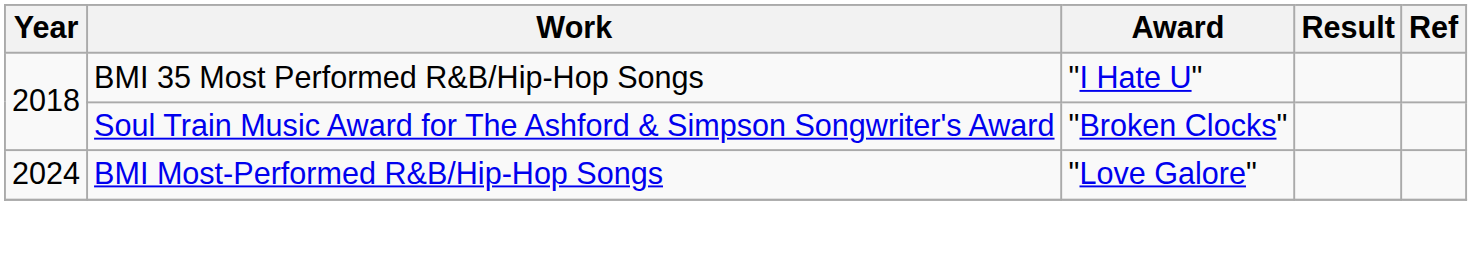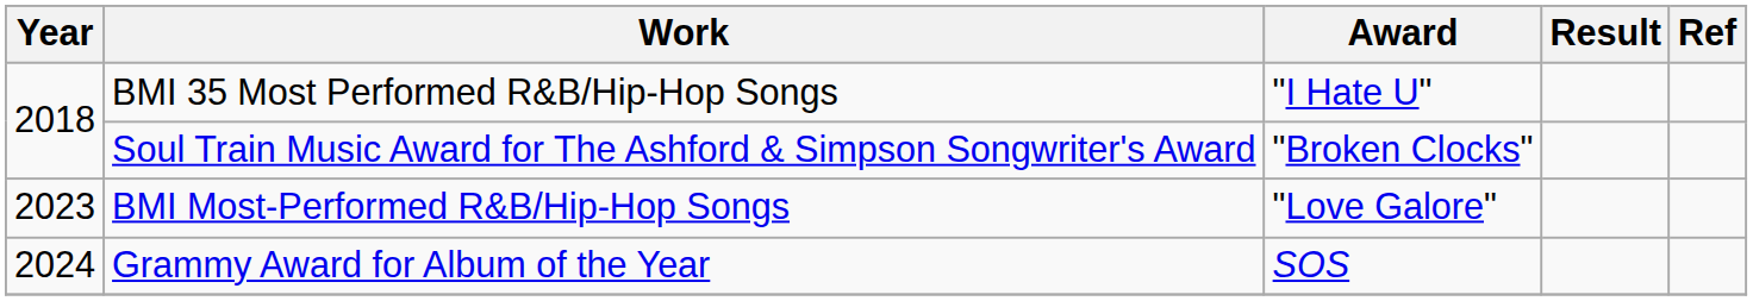 <table class="wikitable">
 <tr style="background:#ccc; text-align:center;">
 <th scope="col">Year</th>
 <th scope="col">Work</th>
 <th scope="col">Award</th>
 <th scope="col">Result</th>
 <th>Ref</th>
 </tr>
 <tr>
 <td rowspan="2">2018</td>
 <td>BMI 35 Most Performed R&B/Hip-Hop Songs</td>
 <td>"<a href='#'>I Hate U</a>"</td>
 <td></td>
 <td style="text-align:center;"></td>
 </tr>
 <tr>
 <td><a href='#'>Soul Train Music Award for The Ashford & Simpson Songwriter's Award</a></td>
 <td>"<a href='#'>Broken Clocks</a>"</td>
 <td></td>
 <td style="text-align:center;"></td>
 </tr>
 <tr>
-<td>2024</td>
+<td>2023</td>
 <td><a href='#'>BMI Most-Performed R&B/Hip-Hop Songs</a></td>
 <td>"<a href='#'>Love Galore</a>"</td>
 <td></td>
 <td></td>
 </tr>
 <tr>
+<td>2024</td>
+<td><a href='#'>Grammy Award for Album of the Year</a></td>
+<td><em><a href='#'>SOS</a></em></td>
+<td></td>
+<td style="text-align:center;"></td>
+</tr>
+<tr>
 </tr>
 </table>
